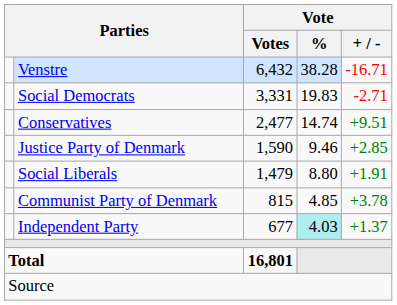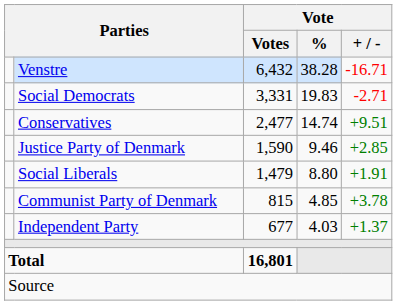 <table class="wikitable" style="text-align:right;">
 <tr>
 <th style="text-align:centre;" rowspan="2" colspan="2" width="225">Parties</th>
 <th colspan="3">Vote</th>
 </tr>
 <tr>
 <th width="15">Votes</th>
 <th width="15">%</th>
 <th width="15">+ / -</th>
 </tr>
 <tr>
 <td width="2" style="color:inherit;background:"></td>
 <td bgcolor=#cfe5fe  align="left"><a href='#'>Venstre</a></td>
 <td bgcolor=#cfe5fe>6,432</td>
 <td bgcolor=#cfe5fe>38.28</td>
 <td style=color:red;>-16.71</td>
 </tr>
 <tr>
 <td width="2" style="color:inherit;background:"></td>
 <td align="left"><a href='#'>Social Democrats</a></td>
 <td>3,331</td>
 <td>19.83</td>
 <td style=color:red;>-2.71</td>
 </tr>
 <tr>
 <td width="2" style="color:inherit;background:"></td>
 <td align="left"><a href='#'>Conservatives</a></td>
 <td>2,477</td>
 <td>14.74</td>
 <td style=color:green;>+9.51</td>
 </tr>
 <tr>
 <td width="2" style="color:inherit;background:"></td>
 <td align="left"><a href='#'>Justice Party of Denmark</a></td>
 <td>1,590</td>
 <td>9.46</td>
 <td style=color:green;>+2.85</td>
 </tr>
 <tr>
 <td width="2" style="color:inherit;background:"></td>
 <td align="left"><a href='#'>Social Liberals</a></td>
 <td>1,479</td>
 <td>8.80</td>
 <td style=color:green;>+1.91</td>
 </tr>
 <tr>
 <td width="2" style="color:inherit;background:"></td>
 <td align="left"><a href='#'>Communist Party of Denmark</a></td>
 <td>815</td>
 <td>4.85</td>
 <td style=color:green;>+3.78</td>
 </tr>
 <tr>
 <td width="2" style="color:inherit;background:"></td>
 <td align="left"><a href='#'>Independent Party</a></td>
 <td>677</td>
-<td style="background: paleturquoise;">4.03</td>
+<td>4.03</td>
 <td style=color:green;>+1.37</td>
 </tr>
 <tr>
 <td colspan="7" bgcolor="#E9E9E9"></td>
 </tr>
 <tr>
 <td align="left" colspan="2"><strong>Total</strong></td>
 <td><strong>16,801</strong></td>
 <td bgcolor="#E9E9E9" colspan="2"></td>
 </tr>
 <tr>
 <td align="left" colspan="6">Source</td>
 </tr>
 </table>
